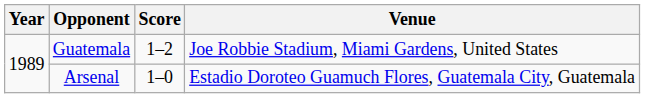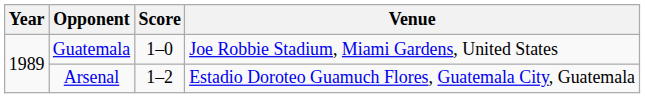 <table class="wikitable" style="font-size: 90%; text-align:left">
 <tr>
 <th>Year</th>
 <th>Opponent</th>
 <th>Score</th>
 <th>Venue</th>
 </tr>
 <tr>
 <td rowspan=2>1989</td>
 <td align=center> <a href='#'>Guatemala</a></td>
-<td align=center>1–2</td>
+<td align=center>1–0</td>
 <td> <a href='#'>Joe Robbie Stadium</a>, <a href='#'>Miami Gardens</a>, United States</td>
 </tr>
 <tr>
 <td align=center> <a href='#'>Arsenal</a></td>
-<td align=center>1–0</td>
+<td align=center>1–2</td>
 <td><a href='#'>Estadio Doroteo Guamuch Flores</a>, <a href='#'>Guatemala City</a>, Guatemala</td>
 </tr>
 </table>
